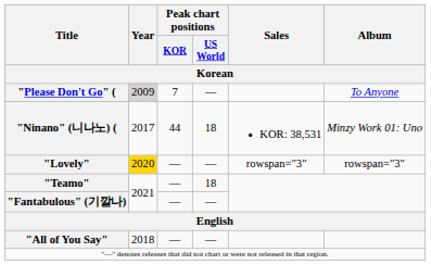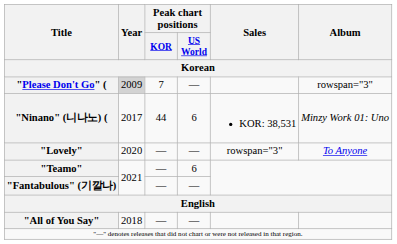 <table class="wikitable plainrowheaders" style="text-align:center">
 <tr>
 <th scope="col" rowspan="2">Title</th>
 <th scope="col" rowspan="2">Year</th>
 <th scope="col" colspan="2">Peak chart<br>positions</th>
 <th scope="col" rowspan="2">Sales</th>
 <th scope="col" rowspan="2">Album</th>
 </tr>
 <tr>
 <th scope="col" style="width:3em;font-size:90%"><a href='#'>KOR</a><br></th>
 <th scope="col" style="width:3em;font-size:90%"><a href='#'>US<br>World</a><br></th>
 </tr>
 <tr>
 <th scope="col" colspan="6">Korean</th>
 </tr>
 <tr>
 <th scope="row">"<a href='#'>Please Don't Go</a>" (</th>
 <td style="background: lightgrey;">2009</td>
 <td>7</td>
 <td>—</td>
 <td></td>
-<td><em><a href='#'>To Anyone</a></em></td>
+<td>rowspan="3" </td>
 </tr>
 <tr>
 <th scope="row">"Ninano" (니나노) (</th>
 <td>2017</td>
 <td>44</td>
-<td>18</td>
+<td>6</td>
 <td><br><ul><li>KOR: 38,531</li></ul></td>
 <td><em>Minzy Work 01: Uno</em></td>
 </tr>
 <tr>
 <th scope="row">"Lovely"</th>
-<td style="background: gold;">2020</td>
+<td>2020</td>
 <td>—</td>
 <td>—</td>
 <td>rowspan="3" </td>
-<td>rowspan="3" </td>
+<td><em><a href='#'>To Anyone</a></em></td>
 </tr>
 <tr>
 <th scope="row">"Teamo"</th>
 <td rowspan="2">2021</td>
 <td>—</td>
-<td>18</td>
+<td>6</td>
 </tr>
 <tr>
 <th scope="row">"Fantabulous" (기깔나)</th>
 <td>—</td>
 <td>—</td>
 </tr>
 <tr>
 <th scope="col" colspan="6">English</th>
 </tr>
 <tr>
 <th scope="row">"All of You Say"</th>
 <td>2018</td>
 <td>—</td>
 <td>—</td>
 <td></td>
 <td></td>
 </tr>
 <tr>
 <td colspan="6" style="text-align:center; font-size:8pt">"—" denotes releases that did not chart or were not released in that region.</td>
 </tr>
 </table>
